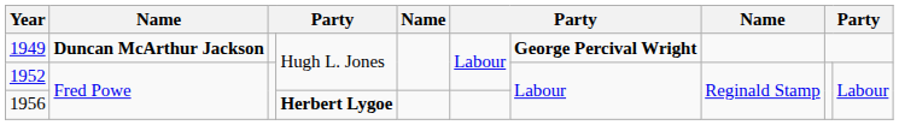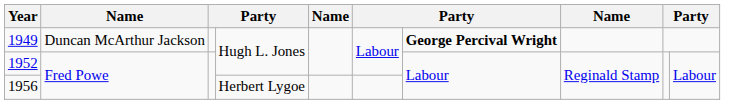 <table class="wikitable">
 <tr>
 <th>Year</th>
 <th>Name</th>
 <th colspan=2>Party</th>
 <th>Name</th>
 <th colspan=2>Party</th>
 <th>Name</th>
 <th colspan=2>Party</th>
 </tr>
 <tr>
 <td><a href='#'>1949</a></td>
-<td><strong>Duncan McArthur Jackson</strong></td>
+<td>Duncan McArthur Jackson</td>
 <td></td>
 <td rowspan=2>Hugh L. Jones</td>
 <td rowspan=2 style="background-color: "></td>
 <td rowspan=2><a href='#'>Labour</a></td>
 <td><strong>George Percival Wright</strong></td>
 <td></td>
 </tr>
 <tr>
 <td><a href='#'>1952</a></td>
 <td rowspan=2><a href='#'>Fred Powe</a></td>
 <td rowspan=2 style="background-color: "></td>
 <td rowspan=2><a href='#'>Labour</a></td>
 <td rowspan=2><a href='#'>Reginald Stamp</a></td>
 <td rowspan=2 style="background-color: "></td>
 <td rowspan=2><a href='#'>Labour</a></td>
 </tr>
 <tr>
 <td>1956</td>
-<td><strong>Herbert Lygoe</strong></td>
+<td>Herbert Lygoe</td>
 <td></td>
 </tr>
 </table>
